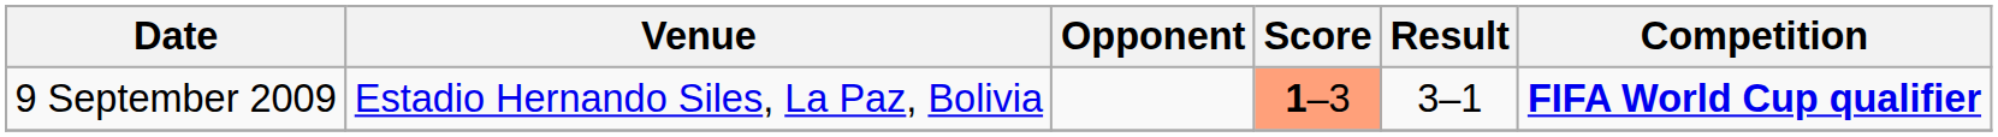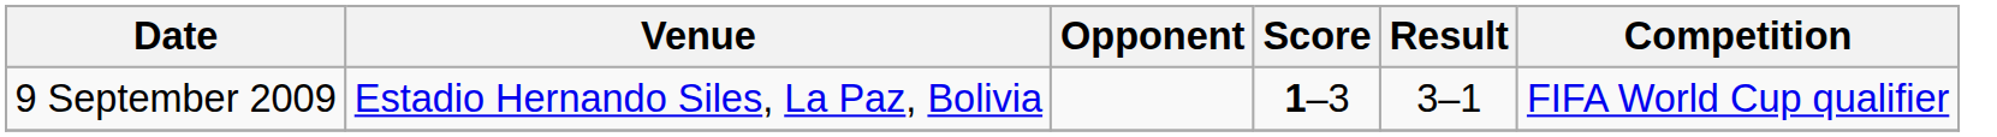 <table class="wikitable" style="font-size:100%">
 <tr>
 <th>Date</th>
 <th>Venue</th>
 <th>Opponent</th>
 <th>Score</th>
 <th>Result</th>
 <th>Competition</th>
 </tr>
 <tr>
 <td>9 September 2009</td>
 <td><a href='#'>Estadio Hernando Siles</a>, <a href='#'>La Paz</a>, <a href='#'>Bolivia</a></td>
 <td></td>
-<td align="center" style="background: lightsalmon;"><strong>1</strong>–3</td>
+<td align="center"><strong>1</strong>–3</td>
 <td align="center">3–1</td>
-<td><strong><a href='#'>FIFA World Cup qualifier</a></strong></td>
+<td><a href='#'>FIFA World Cup qualifier</a></td>
 </tr>
 <tr>
 </tr>
 </table>
